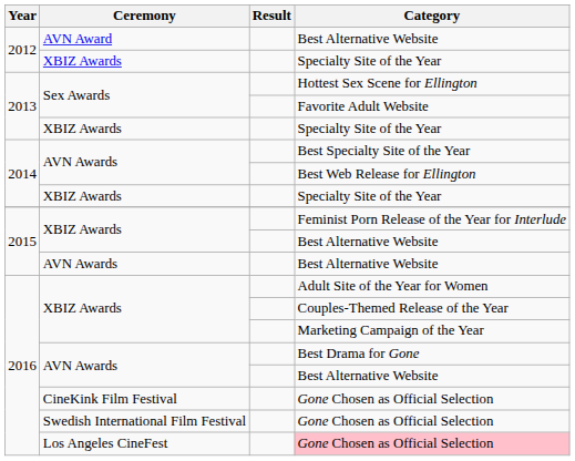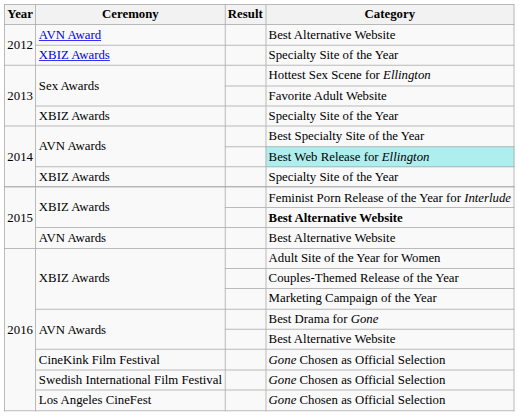 <table class="wikitable">
 <tr>
 <th>Year</th>
 <th>Ceremony</th>
 <th>Result</th>
 <th>Category</th>
 </tr>
 <tr>
 <td rowspan="2">2012</td>
 <td><a href='#'>AVN Award</a></td>
 <td></td>
 <td>Best Alternative Website</td>
 </tr>
 <tr>
 <td><a href='#'>XBIZ Awards</a></td>
 <td></td>
 <td>Specialty Site of the Year</td>
 </tr>
 <tr>
 <td rowspan="3">2013</td>
 <td rowspan="2">Sex Awards</td>
 <td></td>
 <td>Hottest Sex Scene for <em>Ellington</em></td>
 </tr>
 <tr>
 <td></td>
 <td>Favorite Adult Website</td>
 </tr>
 <tr>
 <td>XBIZ Awards</td>
 <td></td>
 <td>Specialty Site of the Year</td>
 </tr>
 <tr>
 <td rowspan="3">2014</td>
 <td rowspan="2">AVN Awards</td>
 <td></td>
 <td>Best Specialty Site of the Year</td>
 </tr>
 <tr>
 <td></td>
-<td>Best Web Release for <em>Ellington</em></td>
+<td style="background: paleturquoise;">Best Web Release for <em>Ellington</em></td>
 </tr>
 <tr>
 <td>XBIZ Awards</td>
 <td></td>
 <td>Specialty Site of the Year</td>
 </tr>
 <tr>
 </tr>
 <tr>
 <td rowspan="3">2015</td>
 <td rowspan="2">XBIZ Awards</td>
 <td></td>
 <td>Feminist Porn Release of the Year for <em>Interlude</em></td>
 </tr>
 <tr>
 <td></td>
-<td>Best Alternative Website</td>
+<td><strong>Best Alternative Website</strong></td>
 </tr>
 <tr>
 <td>AVN Awards</td>
 <td></td>
 <td>Best Alternative Website</td>
 </tr>
 <tr>
 <td rowspan="8">2016</td>
 <td rowspan="3">XBIZ Awards</td>
 <td></td>
 <td>Adult Site of the Year for Women</td>
 </tr>
 <tr>
 <td></td>
 <td>Couples-Themed Release of the Year</td>
 </tr>
 <tr>
 <td></td>
 <td>Marketing Campaign of the Year</td>
 </tr>
 <tr>
 <td rowspan="2">AVN Awards</td>
 <td></td>
 <td>Best Drama for <em>Gone</em></td>
 </tr>
 <tr>
 <td></td>
 <td>Best Alternative Website</td>
 </tr>
 <tr>
 <td>CineKink Film Festival</td>
 <td></td>
 <td><em>Gone</em> Chosen as Official Selection</td>
 </tr>
 <tr>
 <td>Swedish International Film Festival</td>
 <td></td>
 <td><em>Gone</em> Chosen as Official Selection</td>
 </tr>
 <tr>
 <td>Los Angeles CineFest</td>
 <td></td>
-<td style="background: pink;"><em>Gone</em> Chosen as Official Selection</td>
+<td><em>Gone</em> Chosen as Official Selection</td>
 </tr>
 </table>
